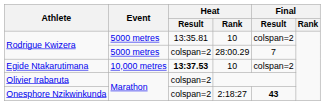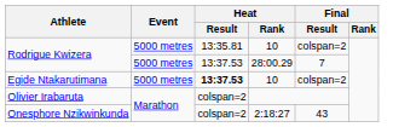 <table class=wikitable style=font-size:90%>
 <tr>
 <th rowspan=2>Athlete</th>
 <th rowspan=2>Event</th>
 <th colspan=2>Heat</th>
 <th colspan=2>Final</th>
 </tr>
 <tr style=font-size:95%>
 <th>Result</th>
 <th>Rank</th>
 <th>Result</th>
 <th>Rank</th>
 </tr>
 <tr align=center>
 <td align=left rowspan=2><a href='#'>Rodrigue Kwizera</a></td>
 <td align=left><a href='#'>5000 metres</a></td>
 <td>13:35.81</td>
 <td>10</td>
 <td>colspan=2</td>
 </tr>
 <tr align=center>
 <td align=left><a href='#'>5000 metres</a></td>
-<td>colspan=2</td>
+<td>13:37.53</td>
 <td>28:00.29 </td>
 <td>7</td>
 </tr>
 <tr align=center>
 <td align=left><a href='#'>Egide Ntakarutimana</a></td>
-<td align=left><a href='#'>10,000 metres</a></td>
+<td align=left><a href='#'>5000 metres</a></td>
 <td><strong>13:37.53</strong></td>
 <td>10</td>
 <td>colspan=2</td>
 </tr>
 <tr align=center>
 <td align=left><a href='#'>Olivier Irabaruta</a></td>
 <td align=left rowspan=2><a href='#'>Marathon</a></td>
 <td>colspan=2</td>
 <td colspan=2></td>
 </tr>
 <tr align=center>
 <td align=left><a href='#'>Onesphore Nzikwinkunda</a></td>
 <td>colspan=2</td>
 <td>2:18:27</td>
-<td><strong>43</strong></td>
+<td>43</td>
 </tr>
 </table>
